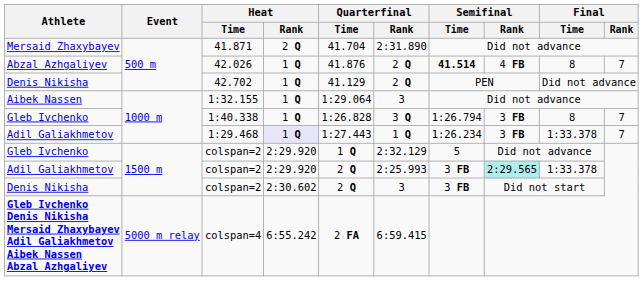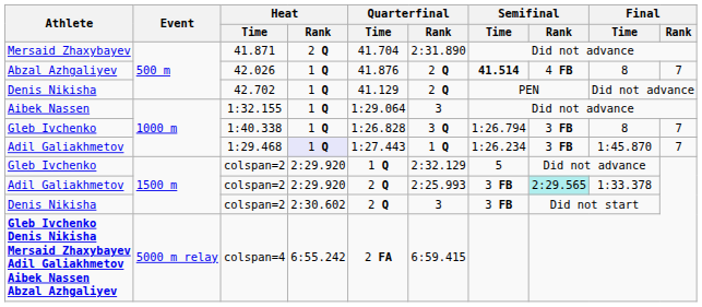 <table class="wikitable" style="font-size:90%">
 <tr>
 <th rowspan=2>Athlete</th>
 <th rowspan=2>Event</th>
 <th colspan=2>Heat</th>
 <th colspan=2>Quarterfinal</th>
 <th colspan=2>Semifinal</th>
 <th colspan=2>Final</th>
 </tr>
 <tr style="font-size:95%">
 <th>Time</th>
 <th>Rank</th>
 <th>Time</th>
 <th>Rank</th>
 <th>Time</th>
 <th>Rank</th>
 <th>Time</th>
 <th>Rank</th>
 </tr>
 <tr align=center>
 <td align=left><a href='#'>Mersaid Zhaxybayev</a></td>
 <td align=left rowspan=3><a href='#'>500 m</a></td>
 <td>41.871</td>
 <td>2 <strong>Q</strong></td>
 <td>41.704</td>
 <td>2:31.890</td>
 <td colspan=4>Did not advance</td>
 </tr>
 <tr align=center>
 <td align=left><a href='#'>Abzal Azhgaliyev</a></td>
 <td>42.026</td>
 <td>1 <strong>Q</strong></td>
 <td>41.876</td>
 <td>2 <strong>Q</strong></td>
 <td><strong>41.514</strong></td>
 <td>4 <strong>FB</strong></td>
 <td>8</td>
 <td>7</td>
 </tr>
 <tr align=center>
 <td align=left><a href='#'>Denis Nikisha</a></td>
 <td>42.702</td>
 <td>1 <strong>Q</strong></td>
 <td>41.129</td>
 <td>2 <strong>Q</strong></td>
 <td colspan=2>PEN</td>
 <td colspan=2>Did not advance</td>
 </tr>
 <tr align=center>
 <td align=left><a href='#'>Aibek Nassen</a></td>
 <td align=left rowspan=3><a href='#'>1000 m</a></td>
 <td>1:32.155</td>
 <td>1 <strong>Q</strong></td>
 <td>1:29.064</td>
 <td>3</td>
 <td colspan=4>Did not advance</td>
 </tr>
 <tr align=center>
 <td align=left><a href='#'>Gleb Ivchenko</a></td>
 <td>1:40.338</td>
 <td>1 <strong>Q</strong></td>
 <td>1:26.828</td>
 <td>3 <strong>Q</strong></td>
 <td>1:26.794</td>
 <td>3 <strong>FB</strong></td>
 <td>8</td>
 <td>7</td>
 </tr>
 <tr align=center>
 <td align=left><a href='#'>Adil Galiakhmetov</a></td>
 <td>1:29.468</td>
 <td style="background: lavender;">1 <strong>Q</strong></td>
 <td>1:27.443</td>
 <td>1 <strong>Q</strong></td>
 <td>1:26.234</td>
 <td>3 <strong>FB</strong></td>
-<td>1:33.378</td>
+<td>1:45.870</td>
 <td>7</td>
 </tr>
 <tr align=center>
 <td align=left><a href='#'>Gleb Ivchenko</a></td>
 <td align=left rowspan=3><a href='#'>1500 m</a></td>
 <td>colspan=2 </td>
 <td>2:29.920</td>
 <td>1 <strong>Q</strong></td>
 <td>2:32.129</td>
 <td>5</td>
 <td colspan=2>Did not advance</td>
 </tr>
 <tr align=center>
 <td align=left><a href='#'>Adil Galiakhmetov</a></td>
 <td>colspan=2 </td>
 <td>2:29.920</td>
 <td>2 <strong>Q</strong></td>
 <td>2:25.993</td>
 <td>3 <strong>FB</strong></td>
 <td style="background: paleturquoise;">2:29.565</td>
 <td>1:33.378</td>
 </tr>
 <tr align=center>
 <td align=left><a href='#'>Denis Nikisha</a></td>
 <td>colspan=2 </td>
 <td>2:30.602</td>
 <td>2 <strong>Q</strong></td>
 <td>3</td>
 <td>3 <strong>FB</strong></td>
 <td colspan=2>Did not start</td>
 </tr>
 <tr align=center>
 <td align=left><strong><a href='#'>Gleb Ivchenko</a><br><a href='#'>Denis Nikisha</a><br><a href='#'>Mersaid Zhaxybayev</a><br><a href='#'>Adil Galiakhmetov</a><br><a href='#'>Aibek Nassen</a><br><a href='#'>Abzal Azhgaliyev</a></strong></td>
 <td align=left><a href='#'>5000 m relay</a></td>
 <td>colspan=4 </td>
 <td>6:55.242</td>
 <td>2 <strong>FA</strong></td>
 <td>6:59.415</td>
 <td></td>
 </tr>
 </table>
